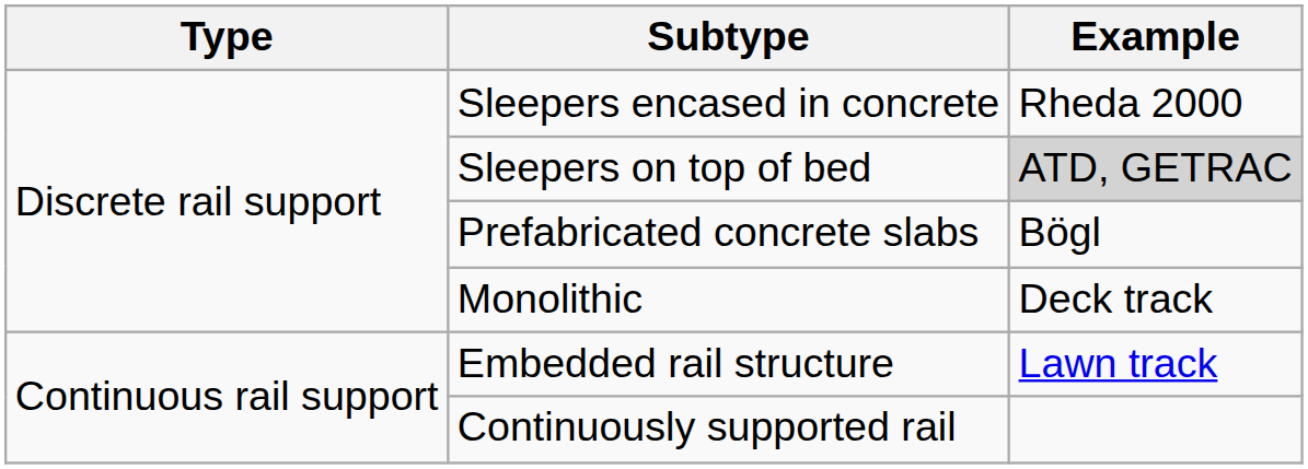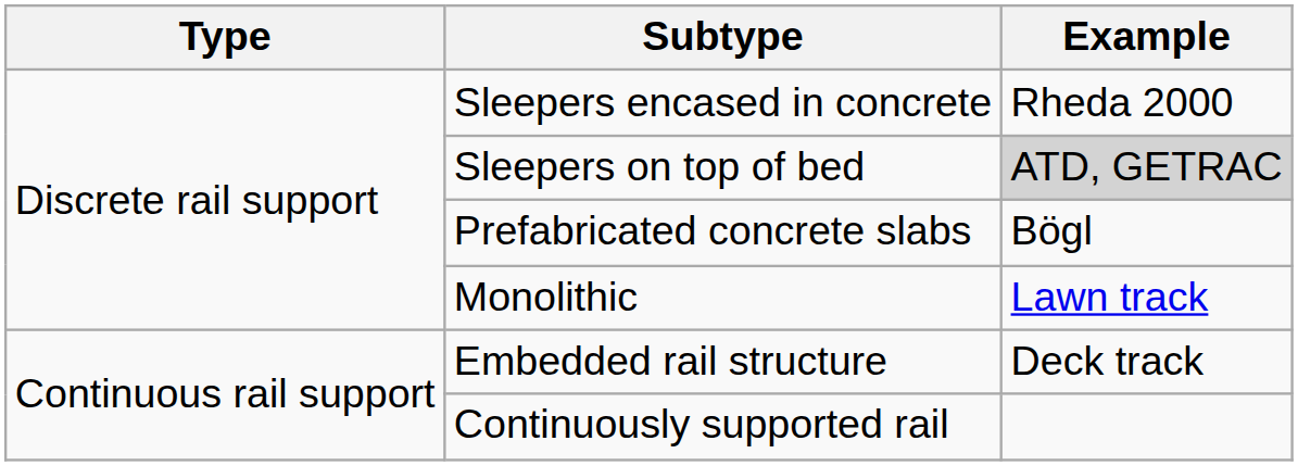 <table class="wikitable">
 <tr>
 <th>Type</th>
 <th>Subtype</th>
 <th>Example</th>
 </tr>
 <tr>
 <td rowspan="4">Discrete rail support</td>
 <td>Sleepers encased in concrete</td>
 <td>Rheda 2000</td>
 </tr>
 <tr>
 <td>Sleepers on top of bed</td>
 <td style="background: lightgrey;">ATD, GETRAC</td>
 </tr>
 <tr>
 <td>Prefabricated concrete slabs</td>
 <td>Bögl</td>
 </tr>
 <tr>
 <td>Monolithic</td>
-<td>Deck track</td>
+<td><a href='#'>Lawn track</a></td>
 </tr>
 <tr>
 <td rowspan="2">Continuous rail support</td>
 <td>Embedded rail structure</td>
-<td><a href='#'>Lawn track</a></td>
+<td>Deck track</td>
 </tr>
 <tr>
 <td>Continuously supported rail</td>
 <td></td>
 </tr>
 </table>
